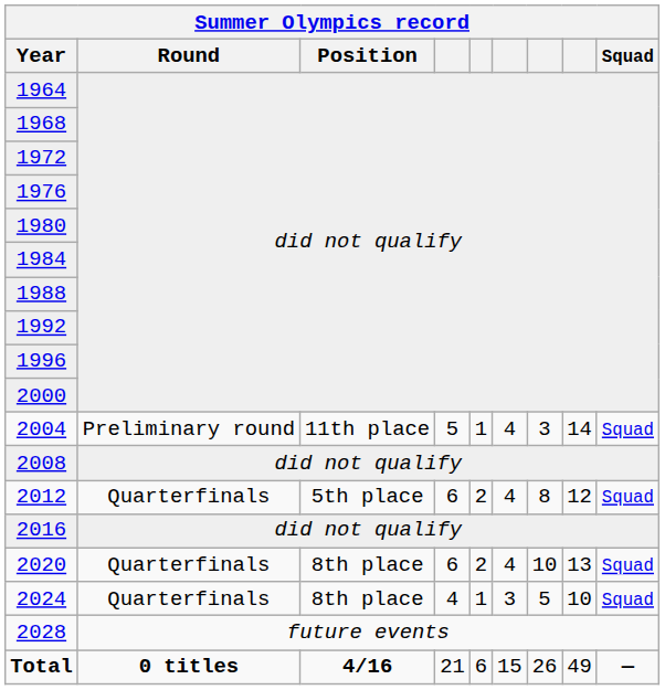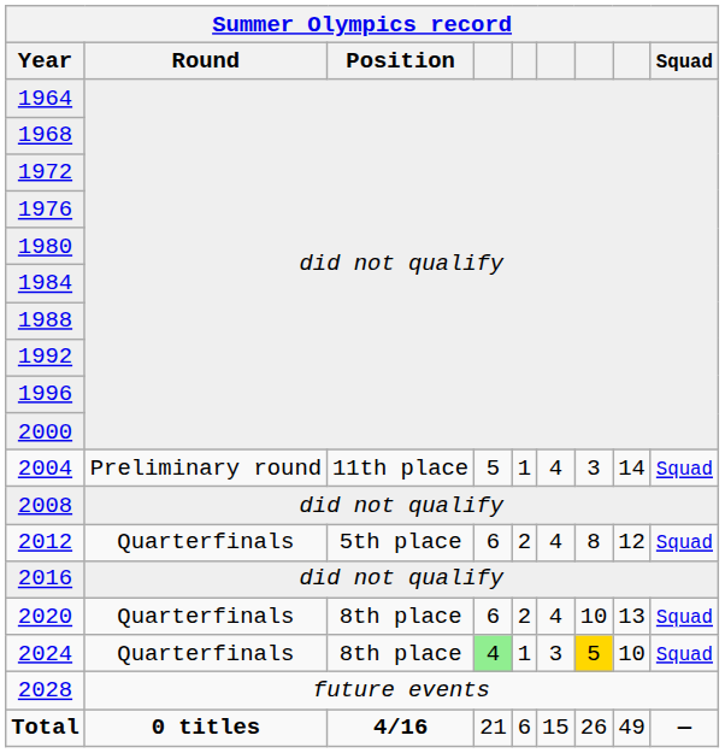 <table class="wikitable" style="text-align: center;">
 <tr>
 <th colspan=9><a href='#'>Summer Olympics record</a></th>
 </tr>
 <tr>
 <th>Year</th>
 <th>Round</th>
 <th>Position</th>
 <th></th>
 <th></th>
 <th></th>
 <th></th>
 <th></th>
 <th><small>Squad</small></th>
 </tr>
 <tr bgcolor="efefef">
 <td> <a href='#'>1964</a></td>
 <td colspan=8 rowspan=10 align=center><em>did not qualify</em></td>
 </tr>
 <tr bgcolor="efefef">
 <td> <a href='#'>1968</a></td>
 </tr>
 <tr bgcolor="efefef">
 <td> <a href='#'>1972</a></td>
 </tr>
 <tr bgcolor="efefef">
 <td> <a href='#'>1976</a></td>
 </tr>
 <tr bgcolor="efefef">
 <td> <a href='#'>1980</a></td>
 </tr>
 <tr bgcolor="efefef">
 <td> <a href='#'>1984</a></td>
 </tr>
 <tr bgcolor="efefef">
 <td> <a href='#'>1988</a></td>
 </tr>
 <tr bgcolor="efefef">
 <td> <a href='#'>1992</a></td>
 </tr>
 <tr bgcolor="efefef">
 <td> <a href='#'>1996</a></td>
 </tr>
 <tr bgcolor="efefef">
 <td> <a href='#'>2000</a></td>
 </tr>
 <tr>
 <td> <a href='#'>2004</a></td>
 <td>Preliminary round</td>
 <td>11th place</td>
 <td>5</td>
 <td>1</td>
 <td>4</td>
 <td>3</td>
 <td>14</td>
 <td><small><a href='#'>Squad</a></small></td>
 </tr>
 <tr bgcolor="efefef">
 <td> <a href='#'>2008</a></td>
 <td colspan=8 rowspan=1 align=center><em>did not qualify</em></td>
 </tr>
 <tr>
 <td> <a href='#'>2012</a></td>
 <td>Quarterfinals</td>
 <td>5th place</td>
 <td>6</td>
 <td>2</td>
 <td>4</td>
 <td>8</td>
 <td>12</td>
 <td><small><a href='#'>Squad</a></small></td>
 </tr>
 <tr bgcolor="efefef">
 <td> <a href='#'>2016</a></td>
 <td colspan=8 align=center><em>did not qualify</em></td>
 </tr>
 <tr>
 <td> <a href='#'>2020</a></td>
 <td>Quarterfinals</td>
 <td>8th place</td>
 <td>6</td>
 <td>2</td>
 <td>4</td>
 <td>10</td>
 <td>13</td>
 <td><small><a href='#'>Squad</a></small></td>
 </tr>
 <tr>
 <td> <a href='#'>2024</a></td>
 <td>Quarterfinals</td>
 <td>8th place</td>
-<td>4</td>
+<td style="background: lightgreen;">4</td>
 <td>1</td>
 <td>3</td>
-<td>5</td>
+<td style="background: gold;">5</td>
 <td>10</td>
 <td><small><a href='#'>Squad</a></small></td>
 </tr>
 <tr>
 <td> <a href='#'>2028</a></td>
 <td colspan=8><em>future events</em></td>
 </tr>
 <tr>
 <td><strong>Total</strong></td>
 <td><strong>0 titles</strong></td>
 <td><strong>4/16</strong></td>
 <td>21</td>
 <td>6</td>
 <td>15</td>
 <td>26</td>
 <td>49</td>
 <td><strong>—</strong></td>
 </tr>
 </table>
